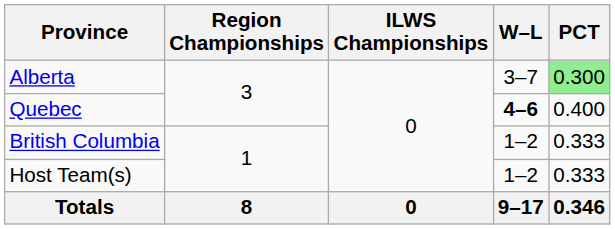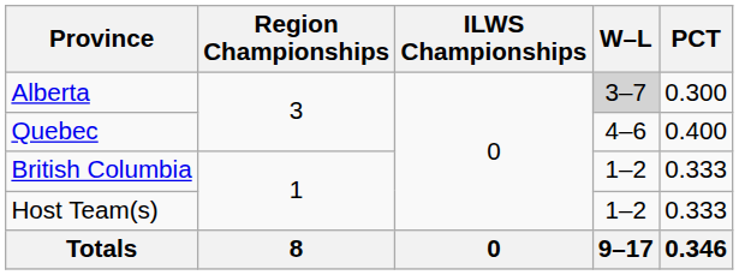 <table class="wikitable">
 <tr>
 <th>Province</th>
 <th>Region<br>Championships</th>
 <th>ILWS<br>Championships</th>
 <th>W–L</th>
 <th>PCT</th>
 </tr>
 <tr>
 <td> <a href='#'>Alberta</a></td>
 <td align=center rowspan=2>3</td>
 <td align=center rowspan=4>0</td>
-<td align=center>3–7</td>
-<td align=center style="background: lightgreen;">0.300</td>
+<td align=center style="background: lightgrey;">3–7</td>
+<td align=center>0.300</td>
 </tr>
 <tr>
 <td> <a href='#'>Quebec</a></td>
-<td align=center><strong>4–6</strong></td>
+<td align=center>4–6</td>
 <td align=center>0.400</td>
 </tr>
 <tr>
 <td> <a href='#'>British Columbia</a></td>
 <td align=center rowspan=2>1</td>
 <td align=center>1–2</td>
 <td align=center>0.333</td>
 </tr>
 <tr>
 <td> Host Team(s)</td>
 <td align=center>1–2</td>
 <td align=center>0.333</td>
 </tr>
 <tr>
 <th>Totals</th>
 <th>8</th>
 <th>0</th>
 <th>9–17</th>
 <th>0.346</th>
 </tr>
 </table>
